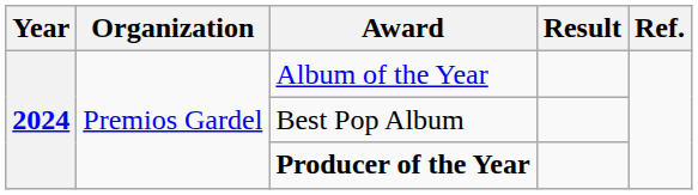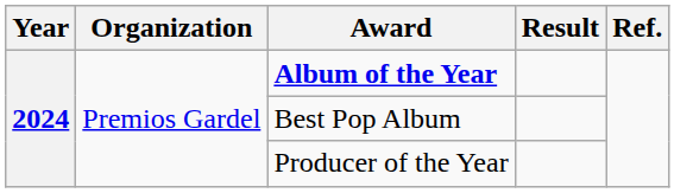 <table class="wikitable plainrowheaders">
 <tr>
 <th>Year</th>
 <th>Organization</th>
 <th>Award</th>
 <th>Result</th>
 <th>Ref.</th>
 </tr>
 <tr>
 <th rowspan="3" scope="row"><a href='#'>2024</a></th>
 <td rowspan="3"><a href='#'>Premios Gardel</a></td>
-<td><a href='#'>Album of the Year</a></td>
+<td><strong><a href='#'>Album of the Year</a></strong></td>
 <td></td>
 <td rowspan="3"></td>
 </tr>
 <tr>
 <td>Best Pop Album</td>
 <td></td>
 </tr>
 <tr>
-<td><strong>Producer of the Year</strong></td>
+<td>Producer of the Year</td>
 <td></td>
 </tr>
 </table>
